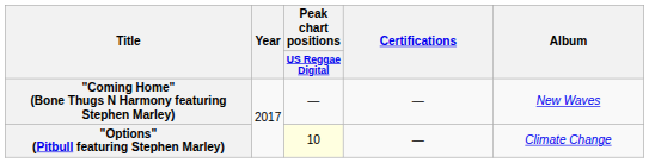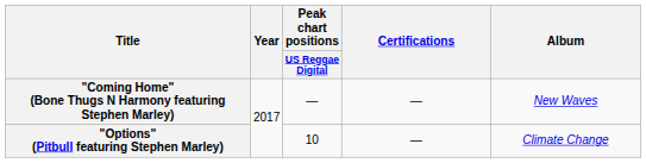 <table class="wikitable plainrowheaders" style="text-align:center;">
 <tr>
 <th scope="col" rowspan="2" style="width:20em;">Title</th>
 <th scope="col" rowspan="2">Year</th>
 <th scope="col" colspan="1">Peak chart positions</th>
 <th scope="col" rowspan="2" style="width:12em;"><a href='#'>Certifications</a></th>
 <th scope="col" rowspan="2" style="width:12em;">Album</th>
 </tr>
 <tr>
 <th scope="col" style="width:2.5em; font-size:85%;"><a href='#'>US Reggae Digital</a><br></th>
 </tr>
 <tr>
 <th scope="row">"Coming Home"<br><span>(Bone Thugs N Harmony featuring Stephen Marley)</span></th>
 <td rowspan="3">2017</td>
 <td>—</td>
 <td>—</td>
 <td><em><a href='#'>New Waves</a></em></td>
 </tr>
 <tr>
 <th scope="row">"Options" <br><span>(<a href='#'>Pitbull</a> featuring Stephen Marley) </span></th>
-<td style="background: lightyellow;">10</td>
+<td>10</td>
 <td>—</td>
 <td><em><a href='#'> Climate Change</a></em></td>
 </tr>
 </table>
